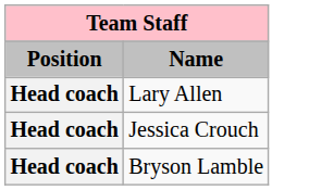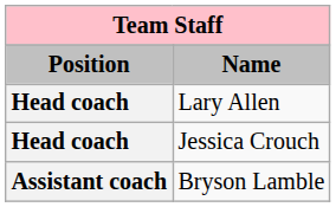 <table class="wikitable" style="text-align:left; font-size:90%;">
 <tr>
 <th style=background:pink colspan=2>Team Staff</th>
 </tr>
 <tr>
 <th style="background:silver;">Position</th>
 <th style="background:silver;">Name</th>
 </tr>
 <tr>
 <th style="text-align:left;">Head coach</th>
 <td>Lary Allen</td>
 </tr>
 <tr>
 <th style="text-align:left;">Head coach</th>
 <td>Jessica Crouch</td>
 </tr>
 <tr>
-<th style="text-align:left;">Head coach</th>
+<th style="text-align:left;">Assistant coach</th>
 <td>Bryson Lamble</td>
 </tr>
 </table>
